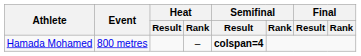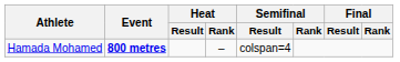 <table class="wikitable" style="font-size:90%">
 <tr>
 <th rowspan="2">Athlete</th>
 <th rowspan="2">Event</th>
 <th colspan="2">Heat</th>
 <th colspan="2">Semifinal</th>
 <th colspan="2">Final</th>
 </tr>
 <tr style="font-size:95%">
 <th>Result</th>
 <th>Rank</th>
 <th>Result</th>
 <th>Rank</th>
 <th>Result</th>
 <th>Rank</th>
 </tr>
 <tr style=text-align:center>
 <td style=text-align:left><a href='#'>Hamada Mohamed</a></td>
-<td style=text-align:left rowspan=1><a href='#'>800 metres</a></td>
+<td style=text-align:left rowspan=1><strong><a href='#'>800 metres</a></strong></td>
 <td></td>
 <td>–</td>
-<td><strong>colspan=4 </strong></td>
+<td>colspan=4 </td>
 </tr>
 </table>
